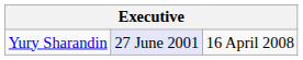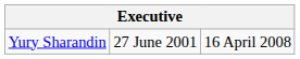 <table class="wikitable sortable">
 <tr>
 <th colspan=3>Executive</th>
 </tr>
 <tr>
 <td><a href='#'>Yury Sharandin</a></td>
-<td style="background: lavender;">27 June 2001</td>
+<td>27 June 2001</td>
 <td>16 April 2008</td>
 </tr>
 </table>
